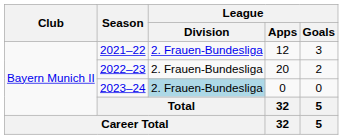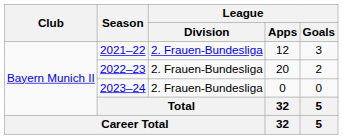 <table class="wikitable" Style="text-align: center">
 <tr>
 <th rowspan="2">Club</th>
 <th rowspan="2">Season</th>
 <th colspan="3">League</th>
 </tr>
 <tr>
 <th>Division</th>
 <th>Apps</th>
 <th>Goals</th>
 </tr>
 <tr>
 <td rowspan="4"><a href='#'>Bayern Munich II</a></td>
 <td><a href='#'>2021–22</a></td>
 <td><a href='#'>2. Frauen-Bundesliga</a></td>
 <td>12</td>
 <td>3</td>
 </tr>
 <tr>
 <td><a href='#'>2022–23</a></td>
 <td>2. Frauen-Bundesliga</td>
 <td>20</td>
 <td>2</td>
 </tr>
 <tr>
 <td><a href='#'>2023–24</a></td>
-<td style="background: lightblue;">2. Frauen-Bundesliga</td>
+<td>2. Frauen-Bundesliga</td>
 <td>0</td>
 <td>0</td>
 </tr>
 <tr>
 <th colspan="2">Total</th>
 <th>32</th>
 <th>5</th>
 </tr>
 <tr>
 <th colspan="3">Career Total</th>
 <th>32</th>
 <th>5</th>
 </tr>
 </table>
